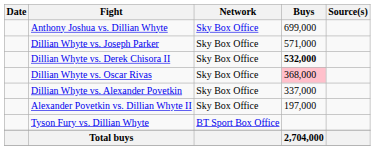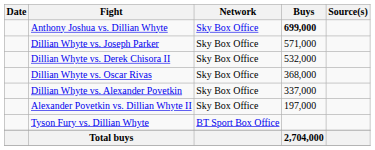 <table class="wikitable sortable">
 <tr>
 <th>Date</th>
 <th>Fight</th>
 <th>Network</th>
 <th>Buys</th>
 <th class="unsortable">Source(s)</th>
 </tr>
 <tr>
 <td></td>
 <td><a href='#'>Anthony Joshua vs. Dillian Whyte</a></td>
 <td><a href='#'>Sky Box Office</a></td>
-<td>699,000</td>
+<td><strong>699,000</strong></td>
 <td></td>
 </tr>
 <tr>
 <td></td>
 <td><a href='#'>Dillian Whyte vs. Joseph Parker</a></td>
 <td>Sky Box Office</td>
 <td>571,000</td>
 <td></td>
 </tr>
 <tr>
 <td></td>
 <td><a href='#'>Dillian Whyte vs. Derek Chisora II</a></td>
 <td>Sky Box Office</td>
-<td><strong>532,000</strong></td>
+<td>532,000</td>
 <td></td>
 </tr>
 <tr>
 <td></td>
 <td><a href='#'>Dillian Whyte vs. Oscar Rivas</a></td>
 <td>Sky Box Office</td>
-<td style="background: pink;">368,000</td>
+<td>368,000</td>
 <td></td>
 </tr>
 <tr>
 <td></td>
 <td><a href='#'>Dillian Whyte vs. Alexander Povetkin</a></td>
 <td>Sky Box Office</td>
 <td>337,000</td>
 <td></td>
 </tr>
 <tr>
 <td></td>
 <td><a href='#'>Alexander Povetkin vs. Dillian Whyte II</a></td>
 <td>Sky Box Office</td>
 <td>197,000</td>
 <td></td>
 </tr>
 <tr>
 <td></td>
 <td><a href='#'>Tyson Fury vs. Dillian Whyte</a></td>
 <td><a href='#'>BT Sport Box Office</a></td>
 <td></td>
 <td></td>
 </tr>
 <tr>
 </tr>
 <tr>
 <th></th>
 <th>Total buys</th>
 <th></th>
 <th>2,704,000</th>
 <th></th>
 </tr>
 <tr>
 </tr>
 </table>
